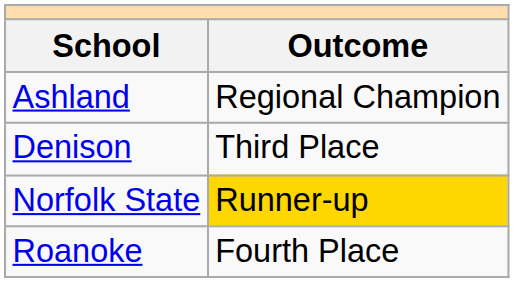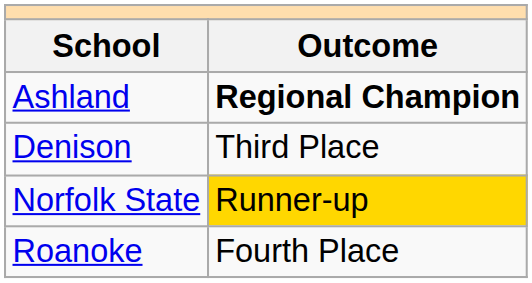 <table class="wikitable">
 <tr>
 <th colspan="3" style="background:#ffdead;"></th>
 </tr>
 <tr>
 <th>School</th>
 <th>Outcome</th>
 </tr>
 <tr>
 <td><a href='#'>Ashland</a></td>
-<td>Regional Champion</td>
+<td><strong>Regional Champion</strong></td>
 </tr>
 <tr>
 <td><a href='#'>Denison</a></td>
 <td>Third Place</td>
 </tr>
 <tr>
 <td><a href='#'>Norfolk State</a></td>
 <td style="background: gold;">Runner-up</td>
 </tr>
 <tr>
 <td><a href='#'>Roanoke</a></td>
 <td>Fourth Place</td>
 </tr>
 </table>
